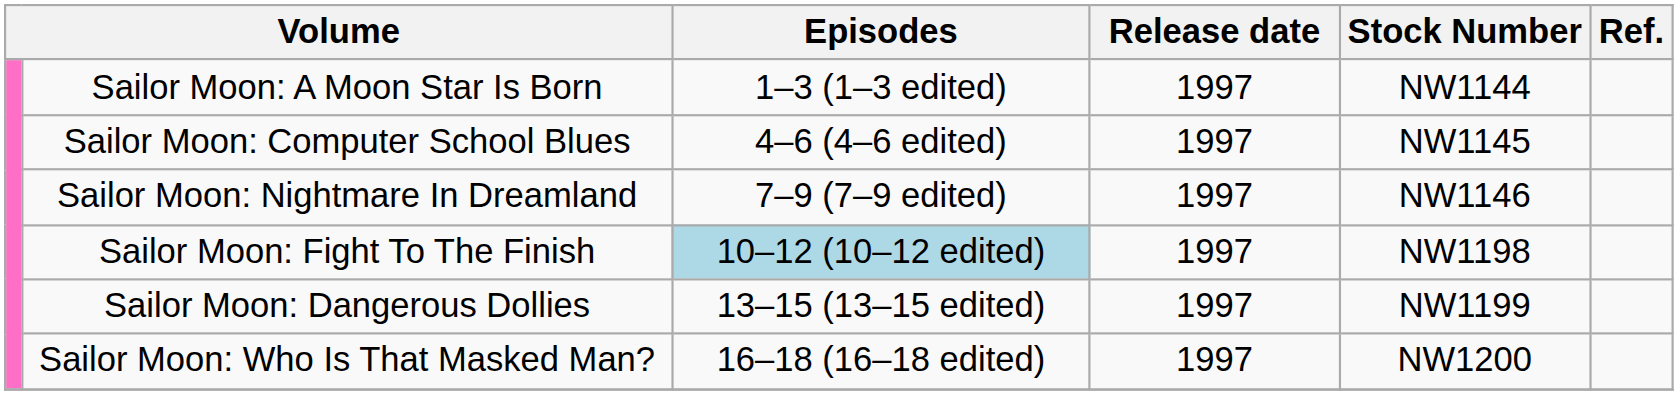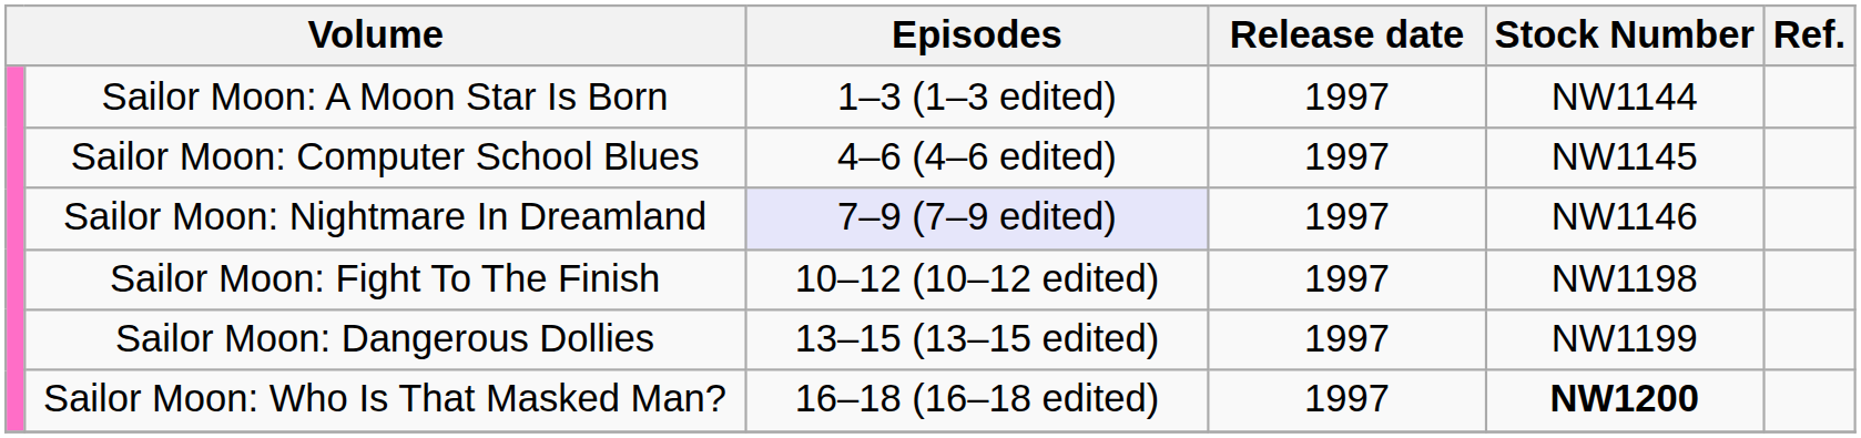 <table class="wikitable" style="text-align: center;">
 <tr>
 <th colspan="2">Volume</th>
 <th width="25%">Episodes</th>
 <th width="15%">Release date</th>
 <th width="15%">Stock Number</th>
 <th width="5%">Ref.</th>
 </tr>
 <tr>
 <td rowspan="6" width="1%" style="background: #FF6EC7;"></td>
 <td>Sailor Moon: A Moon Star Is Born</td>
 <td>1–3 (1–3 edited)</td>
 <td>1997</td>
 <td>NW1144</td>
 <td></td>
 </tr>
 <tr>
 <td>Sailor Moon: Computer School Blues</td>
 <td>4–6 (4–6 edited)</td>
 <td>1997</td>
 <td>NW1145</td>
 <td></td>
 </tr>
 <tr>
 <td>Sailor Moon: Nightmare In Dreamland</td>
-<td>7–9 (7–9 edited)</td>
+<td style="background: lavender;">7–9 (7–9 edited)</td>
 <td>1997</td>
 <td>NW1146</td>
 <td></td>
 </tr>
 <tr>
 <td>Sailor Moon: Fight To The Finish</td>
-<td style="background: lightblue;">10–12 (10–12 edited)</td>
+<td>10–12 (10–12 edited)</td>
 <td>1997</td>
 <td>NW1198</td>
 <td></td>
 </tr>
 <tr>
 <td>Sailor Moon: Dangerous Dollies</td>
 <td>13–15 (13–15 edited)</td>
 <td>1997</td>
 <td>NW1199</td>
 <td></td>
 </tr>
 <tr>
 <td>Sailor Moon: Who Is That Masked Man?</td>
 <td>16–18 (16–18 edited)</td>
 <td>1997</td>
-<td>NW1200</td>
+<td><strong>NW1200</strong></td>
 <td></td>
 </tr>
 <tr>
 </tr>
 </table>
